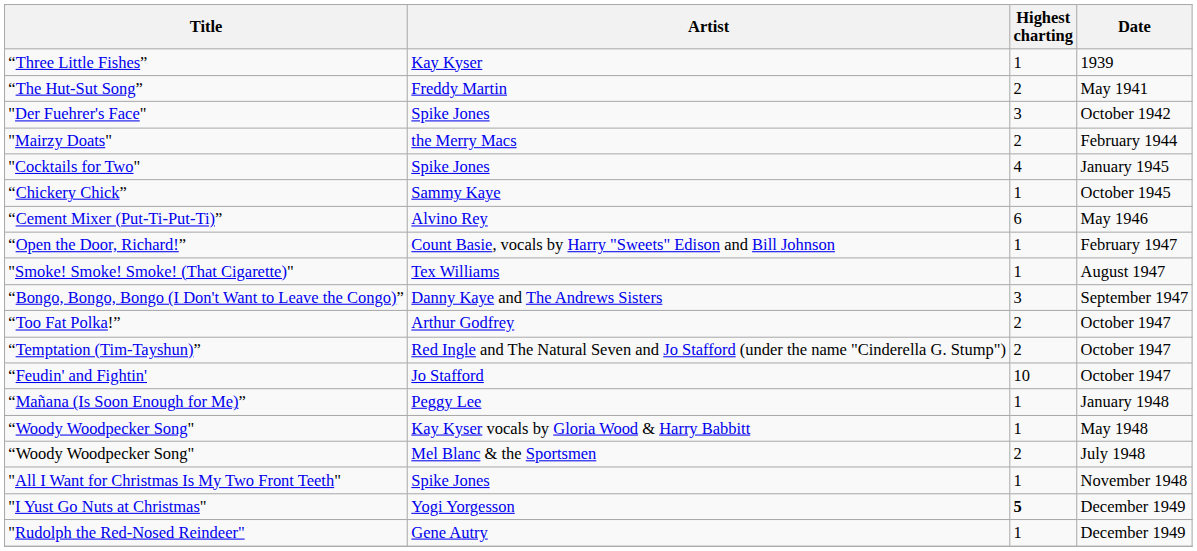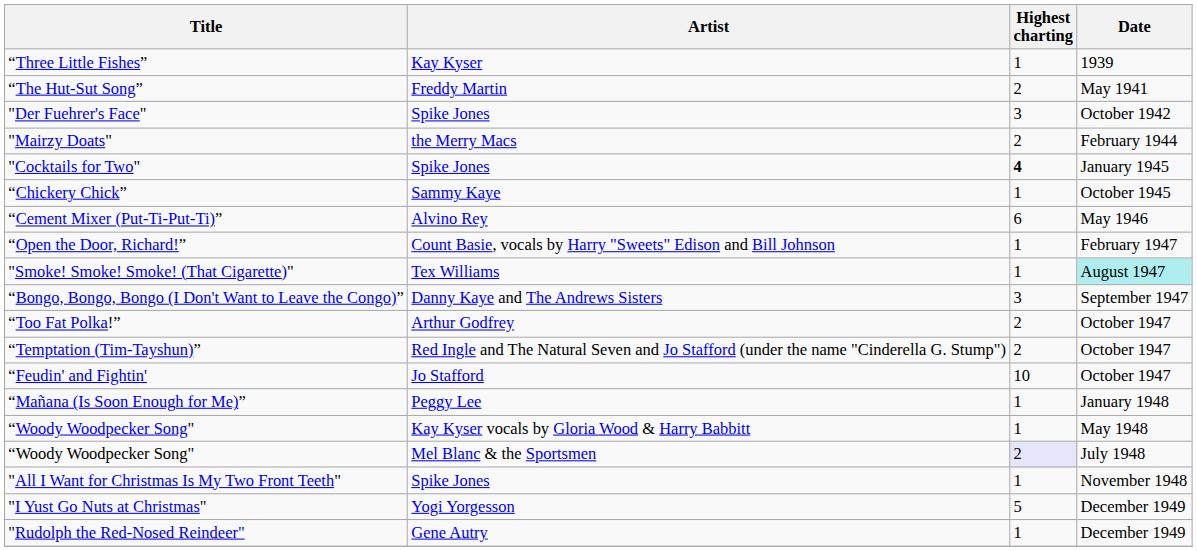 <table class="wikitable sortable">
 <tr>
 <th>Title</th>
 <th>Artist</th>
 <th>Highest<br>charting</th>
 <th>Date</th>
 </tr>
 <tr>
 <td>“<a href='#'>Three Little Fishes</a>”</td>
 <td><a href='#'>Kay Kyser</a></td>
 <td>1</td>
 <td>1939</td>
 </tr>
 <tr>
 <td>“<a href='#'>The Hut-Sut Song</a>”</td>
 <td><a href='#'>Freddy Martin</a></td>
 <td>2</td>
 <td>May 1941</td>
 </tr>
 <tr>
 <td>"<a href='#'>Der Fuehrer's Face</a>"</td>
 <td><a href='#'>Spike Jones</a></td>
 <td>3</td>
 <td>October 1942</td>
 </tr>
 <tr>
 <td>"<a href='#'>Mairzy Doats</a>"</td>
 <td><a href='#'>the Merry Macs</a></td>
 <td>2</td>
 <td>February 1944</td>
 </tr>
 <tr>
 <td>"<a href='#'>Cocktails for Two</a>"</td>
 <td><a href='#'>Spike Jones</a></td>
-<td>4</td>
+<td><strong>4</strong></td>
 <td>January 1945</td>
 </tr>
 <tr>
 <td>“<a href='#'>Chickery Chick</a>”</td>
 <td><a href='#'>Sammy Kaye</a></td>
 <td>1</td>
 <td>October 1945</td>
 </tr>
 <tr>
 <td>“<a href='#'>Cement Mixer (Put-Ti-Put-Ti)</a>”</td>
 <td><a href='#'>Alvino Rey</a></td>
 <td>6</td>
 <td>May  1946</td>
 </tr>
 <tr>
 <td>“<a href='#'>Open the Door, Richard!</a>”</td>
 <td><a href='#'>Count Basie</a>, vocals by <a href='#'>Harry "Sweets" Edison</a> and <a href='#'>Bill Johnson</a></td>
 <td>1</td>
 <td>February 1947</td>
 </tr>
 <tr>
 <td>"<a href='#'>Smoke! Smoke! Smoke! (That Cigarette)</a>"</td>
 <td><a href='#'>Tex Williams</a></td>
 <td>1</td>
-<td>August 1947</td>
+<td style="background: paleturquoise;">August 1947</td>
 </tr>
 <tr>
 <td>“<a href='#'>Bongo, Bongo, Bongo (I Don't Want to Leave the Congo)</a>”</td>
 <td><a href='#'>Danny Kaye</a> and <a href='#'>The Andrews Sisters</a></td>
 <td>3</td>
 <td>September 1947</td>
 </tr>
 <tr>
 <td>“<a href='#'>Too Fat Polka</a>!”</td>
 <td><a href='#'>Arthur Godfrey</a></td>
 <td>2</td>
 <td>October 1947</td>
 </tr>
 <tr>
 <td>“<a href='#'>Temptation (Tim-Tayshun)</a>”</td>
 <td><a href='#'>Red Ingle</a> and The Natural Seven and <a href='#'>Jo Stafford</a> (under the name "Cinderella G. Stump")</td>
 <td>2</td>
 <td>October 1947</td>
 </tr>
 <tr>
 <td>“<a href='#'>Feudin' and Fightin'</a></td>
 <td><a href='#'>Jo Stafford</a></td>
 <td>10</td>
 <td>October 1947</td>
 </tr>
 <tr>
 <td>“<a href='#'>Mañana (Is Soon Enough for Me)</a>”</td>
 <td><a href='#'>Peggy Lee</a></td>
 <td>1</td>
 <td>January 1948</td>
 </tr>
 <tr>
 <td>“<a href='#'>Woody Woodpecker Song</a>"</td>
 <td><a href='#'>Kay Kyser</a> vocals by  <a href='#'>Gloria Wood</a> & <a href='#'>Harry Babbitt</a></td>
 <td>1</td>
 <td>May 1948</td>
 </tr>
 <tr>
 <td>“Woody Woodpecker Song"</td>
 <td><a href='#'>Mel Blanc</a> & the <a href='#'>Sportsmen</a></td>
-<td>2</td>
+<td style="background: lavender;">2</td>
 <td>July 1948</td>
 </tr>
 <tr>
 <td>"<a href='#'>All I Want for Christmas Is My Two Front Teeth</a>"</td>
 <td><a href='#'>Spike Jones</a></td>
 <td>1</td>
 <td>November 1948</td>
 </tr>
 <tr>
 <td>"<a href='#'>I Yust Go Nuts at Christmas</a>"</td>
 <td><a href='#'>Yogi Yorgesson</a></td>
-<td><strong>5</strong></td>
+<td>5</td>
 <td>December 1949</td>
 </tr>
 <tr>
 <td>"<a href='#'>Rudolph the Red-Nosed Reindeer"</a></td>
 <td><a href='#'>Gene Autry</a></td>
 <td>1</td>
 <td>December 1949</td>
 </tr>
 <tr>
 </tr>
 </table>
